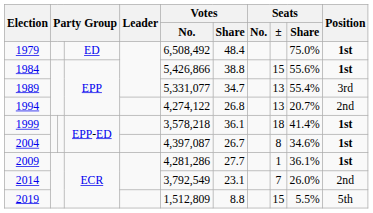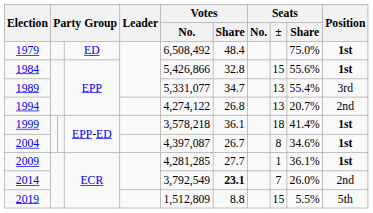 <table class="wikitable" style="text-align:center">
 <tr>
 <th rowspan=2>Election</th>
 <th colspan=3 rowspan=2>Party Group</th>
 <th rowspan=2>Leader</th>
 <th colspan=2>Votes</th>
 <th colspan=3>Seats</th>
 <th rowspan=2>Position</th>
 </tr>
 <tr>
 <th>No.</th>
 <th>Share</th>
 <th>No.</th>
 <th>±</th>
 <th>Share</th>
 </tr>
 <tr>
 <td><a href='#'>1979</a></td>
 <td colspan="2" style="background:"></td>
 <td><a href='#'>ED</a></td>
 <td rowspan="3"></td>
 <td style="text-align:right;">6,508,492</td>
 <td style="text-align:right;">48.4</td>
 <td></td>
 <td></td>
 <td style="text-align:right;">75.0%</td>
 <td><strong>1st</strong></td>
 </tr>
 <tr>
 <td><a href='#'>1984</a></td>
 <td colspan="2" rowspan="3" style="background:"></td>
 <td rowspan="3"><a href='#'>EPP</a></td>
 <td style="text-align:right;">5,426,866</td>
-<td style="text-align:right;">38.8</td>
+<td style="text-align:right;">32.8</td>
 <td></td>
 <td> 15</td>
 <td style="text-align:right;">55.6%</td>
 <td> <strong>1st</strong></td>
 </tr>
 <tr>
 <td><a href='#'>1989</a></td>
 <td style="text-align:right;">5,331,077</td>
 <td style="text-align:right;">34.7</td>
 <td></td>
 <td> 13</td>
 <td style="text-align:right;">55.4%</td>
 <td> 3rd</td>
 </tr>
 <tr>
 <td><a href='#'>1994</a></td>
 <td></td>
 <td style="text-align:right;">4,274,122</td>
 <td style="text-align:right;">26.8</td>
 <td></td>
 <td> 13</td>
 <td style="text-align:right;">20.7%</td>
 <td> 2nd</td>
 </tr>
 <tr>
 <td><a href='#'>1999</a></td>
 <td rowspan="2" style="background:"></td>
 <td rowspan="2" style="background:"></td>
 <td rowspan="2"><a href='#'>EPP</a>-<a href='#'>ED</a></td>
 <td></td>
 <td style="text-align:right;">3,578,218</td>
 <td style="text-align:right;">36.1</td>
 <td></td>
 <td> 18</td>
 <td style="text-align:right;">41.4%</td>
 <td> <strong>1st</strong></td>
 </tr>
 <tr>
 <td><a href='#'>2004</a></td>
 <td></td>
 <td style="text-align:right;">4,397,087</td>
 <td style="text-align:right;">26.7</td>
 <td></td>
 <td> 8</td>
 <td style="text-align:right;">34.6%</td>
 <td> <strong>1st</strong></td>
 </tr>
 <tr>
 <td><a href='#'>2009</a></td>
 <td colspan="2" rowspan="3" style="background:"></td>
 <td rowspan="3"><a href='#'>ECR</a></td>
 <td rowspan="2"></td>
-<td style="text-align:right;">4,281,286</td>
+<td style="text-align:right;">4,281,285</td>
 <td style="text-align:right;">27.7</td>
 <td></td>
 <td> 1</td>
 <td style="text-align:right;">36.1%</td>
 <td> <strong>1st</strong></td>
 </tr>
 <tr>
 <td><a href='#'>2014</a></td>
 <td style="text-align:right;">3,792,549</td>
-<td style="text-align:right;">23.1</td>
+<td style="text-align:right;"><strong>23.1</strong></td>
 <td></td>
 <td> 7</td>
 <td style="text-align:right;">26.0%</td>
 <td> 2nd</td>
 </tr>
 <tr>
 <td><a href='#'>2019</a></td>
 <td></td>
 <td style="text-align:right;">1,512,809</td>
 <td style="text-align:right;">8.8</td>
 <td></td>
 <td> 15</td>
 <td style="text-align:right;">5.5%</td>
 <td> 5th</td>
 </tr>
 </table>
